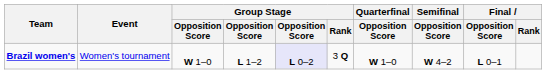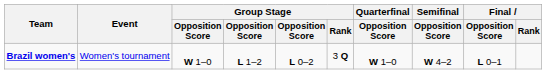 <table class="wikitable" style="font-size:90%">
 <tr>
 <th rowspan=2>Team</th>
 <th rowspan=2>Event</th>
 <th colspan=4>Group Stage</th>
 <th>Quarterfinal</th>
 <th>Semifinal</th>
 <th colspan=2>Final / </th>
 </tr>
 <tr style="font-size:95%">
 <th>Opposition<br>Score</th>
 <th>Opposition<br>Score</th>
 <th>Opposition<br>Score</th>
 <th>Rank</th>
 <th>Opposition<br>Score</th>
 <th>Opposition<br>Score</th>
 <th>Opposition<br>Score</th>
 <th>Rank</th>
 </tr>
 <tr align=center>
 <td align=left><strong><a href='#'>Brazil women's</a></strong></td>
 <td align=left><a href='#'>Women's tournament</a></td>
 <td><br><strong>W</strong> 1–0</td>
 <td><br><strong>L</strong> 1–2</td>
-<td style="background: lavender;"><br><strong>L</strong> 0–2</td>
+<td><br><strong>L</strong> 0–2</td>
 <td>3 <strong>Q</strong></td>
 <td><br><strong>W</strong> 1–0</td>
 <td><br><strong>W</strong> 4–2</td>
 <td><br><strong>L</strong> 0–1</td>
 <td></td>
 </tr>
 </table>
